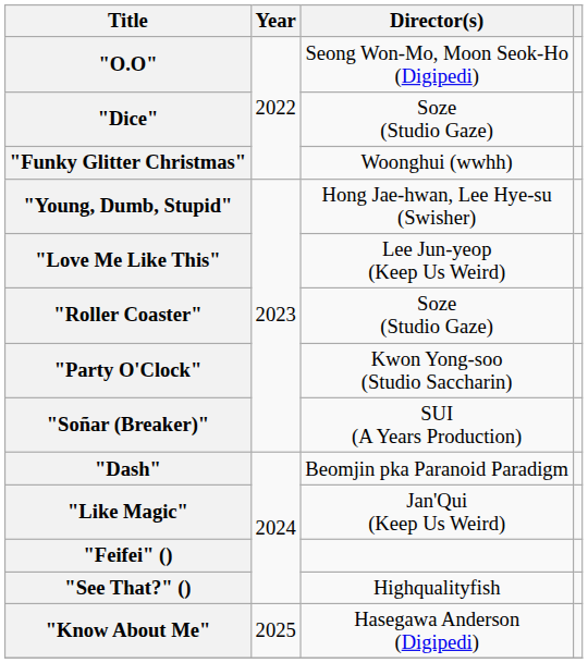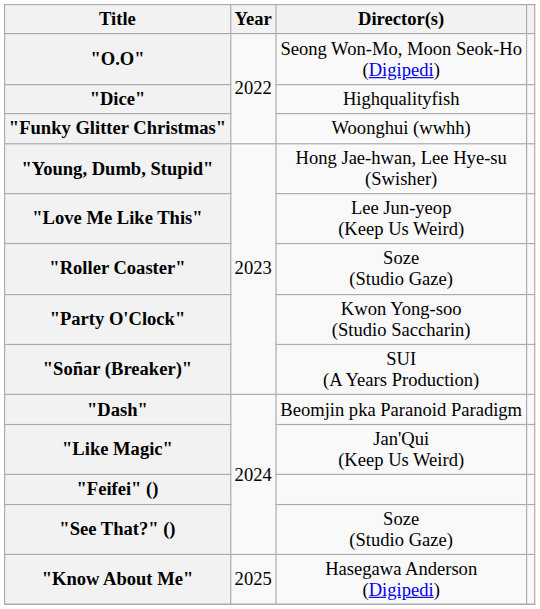 <table class="wikitable plainrowheaders" style="text-align:center">
 <tr>
 <th scope="col">Title</th>
 <th scope="col">Year</th>
 <th scope="col">Director(s)</th>
 <th scope="col"></th>
 </tr>
 <tr>
 <th scope="row">"O.O"</th>
 <td rowspan="3">2022</td>
 <td>Seong Won-Mo, Moon Seok-Ho<br>(<a href='#'>Digipedi</a>)</td>
 <td></td>
 </tr>
 <tr>
 <th scope="row">"Dice"</th>
-<td>Soze<br>(Studio Gaze)</td>
+<td>Highqualityfish</td>
 <td></td>
 </tr>
 <tr>
 <th scope="row">"Funky Glitter Christmas"</th>
 <td>Woonghui (wwhh)</td>
 <td></td>
 </tr>
 <tr>
 <th scope="row">"Young, Dumb, Stupid"</th>
 <td rowspan="5">2023</td>
 <td>Hong Jae-hwan, Lee Hye-su<br>(Swisher)</td>
 <td></td>
 </tr>
 <tr>
 <th scope="row">"Love Me Like This"</th>
 <td>Lee Jun-yeop<br>(Keep Us Weird)</td>
 <td></td>
 </tr>
 <tr>
 <th scope="row">"Roller Coaster"</th>
 <td>Soze<br>(Studio Gaze)</td>
 <td></td>
 </tr>
 <tr>
 <th scope="row">"Party O'Clock"</th>
 <td>Kwon Yong-soo<br>(Studio Saccharin)</td>
 <td></td>
 </tr>
 <tr>
 <th scope="row">"Soñar (Breaker)"</th>
 <td>SUI<br>(A Years Production)</td>
 <td></td>
 </tr>
 <tr>
 <th scope="row">"Dash"</th>
 <td rowspan="4">2024</td>
 <td>Beomjin pka Paranoid Paradigm</td>
 <td></td>
 </tr>
 <tr>
 <th scope="row">"Like Magic"<br></th>
 <td>Jan'Qui<br>(Keep Us Weird)</td>
 <td></td>
 </tr>
 <tr>
 <th scope="row">"Feifei" ()</th>
 <td></td>
 <td></td>
 </tr>
 <tr>
 <th scope="row">"See That?" ()</th>
-<td>Highqualityfish</td>
+<td>Soze<br>(Studio Gaze)</td>
 <td></td>
 </tr>
 <tr>
 <th scope="row">"Know About Me"</th>
 <td>2025</td>
 <td>Hasegawa Anderson<br>(<a href='#'>Digipedi</a>)</td>
 <td></td>
 </tr>
 <tr>
 </tr>
 </table>
